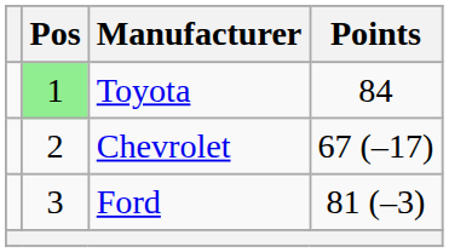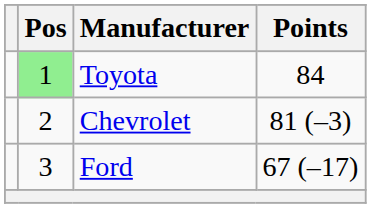 <table class="wikitable" style="font-size: 95%;">
 <tr>
 <th></th>
 <th>Pos</th>
 <th>Manufacturer</th>
 <th>Points</th>
 </tr>
 <tr>
 <td align="left"></td>
 <td style="background: lightgreen; text-align:center;">1</td>
 <td><a href='#'>Toyota</a></td>
 <td style="text-align:center;">84</td>
 </tr>
 <tr>
 <td align="left"></td>
 <td style="text-align:center;">2</td>
 <td><a href='#'>Chevrolet</a></td>
-<td style="text-align:center;">67 (–17)</td>
+<td style="text-align:center;">81 (–3)</td>
 </tr>
 <tr>
 <td align="left"></td>
 <td style="text-align:center;">3</td>
 <td><a href='#'>Ford</a></td>
-<td style="text-align:center;">81 (–3)</td>
+<td style="text-align:center;">67 (–17)</td>
 </tr>
 <tr class="sortbottom">
 <th colspan="9"></th>
 </tr>
 </table>
